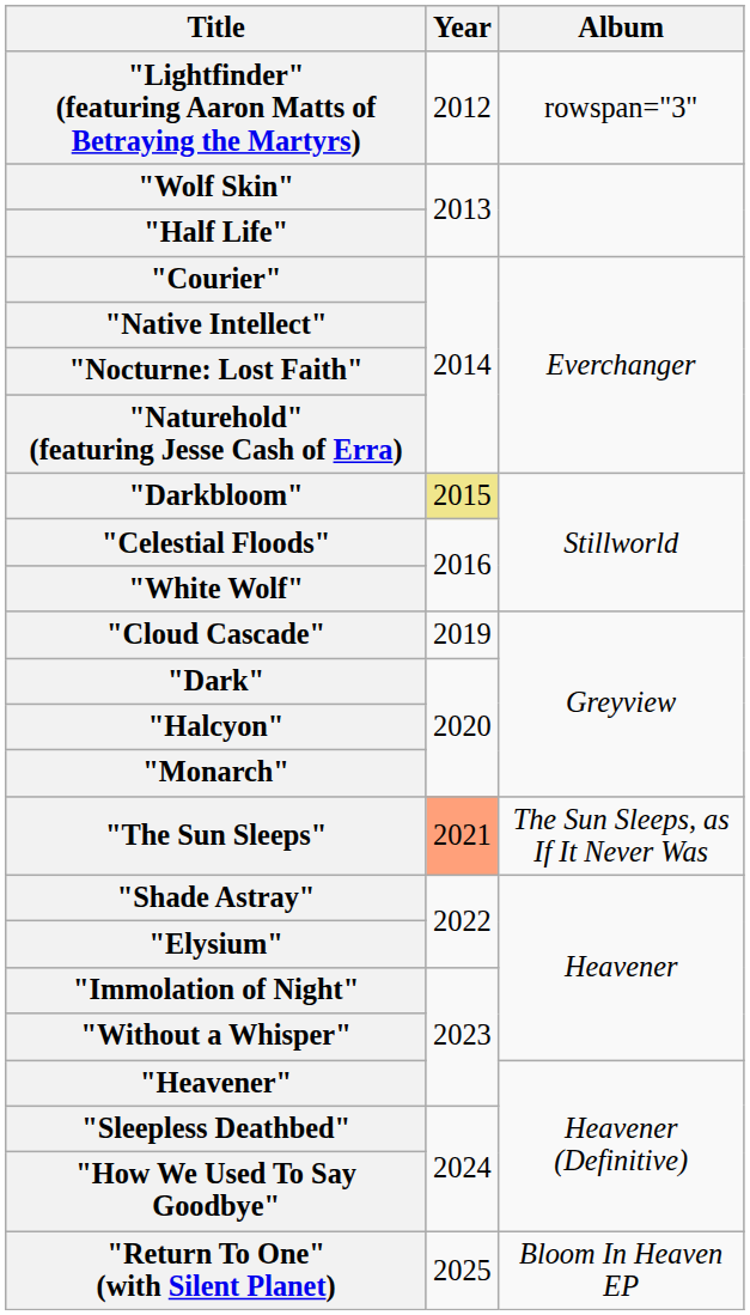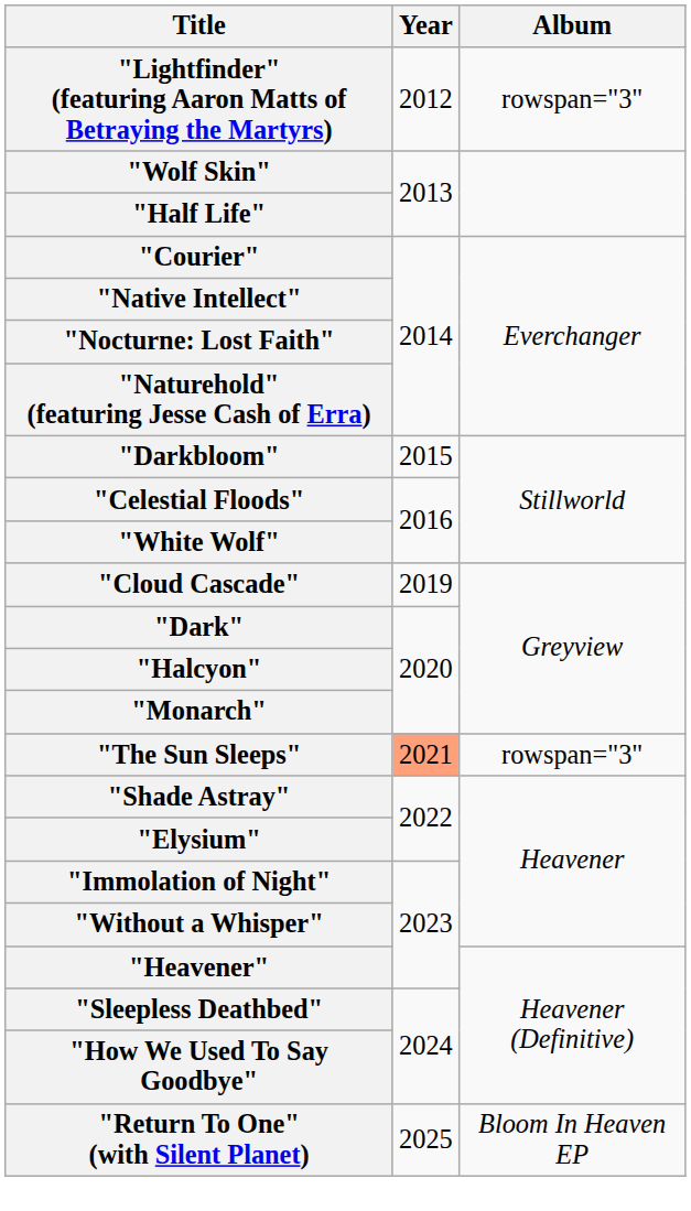 <table class="wikitable plainrowheaders" style="text-align:center;">
 <tr>
 <th scope="col" style="width:14em;">Title</th>
 <th scope="col" style="width:1em;">Year</th>
 <th scope="col" style="width:8em;">Album</th>
 </tr>
 <tr>
 <th scope="row">"Lightfinder"<br><span>(featuring Aaron Matts of <a href='#'>Betraying the Martyrs</a>)</span></th>
 <td>2012</td>
 <td>rowspan="3" </td>
 </tr>
 <tr>
 <th scope="row">"Wolf Skin"</th>
 <td rowspan="2">2013</td>
 </tr>
 <tr>
 <th scope="row">"Half Life"</th>
 </tr>
 <tr>
 <th scope="row">"Courier"</th>
 <td rowspan="4">2014</td>
 <td rowspan="4"><em>Everchanger</em></td>
 </tr>
 <tr>
 <th scope="row">"Native Intellect"</th>
 </tr>
 <tr>
 <th scope="row">"Nocturne: Lost Faith"</th>
 </tr>
 <tr>
 <th scope="row">"Naturehold"<br><span>(featuring Jesse Cash of <a href='#'>Erra</a>)</span></th>
 </tr>
 <tr>
 <th scope="row">"Darkbloom"</th>
-<td style="background: khaki;">2015</td>
+<td>2015</td>
 <td rowspan="3"><em>Stillworld</em></td>
 </tr>
 <tr>
 <th scope="row">"Celestial Floods"</th>
 <td rowspan="2">2016</td>
 </tr>
 <tr>
 <th scope="row">"White Wolf"</th>
 </tr>
 <tr>
 <th scope="row">"Cloud Cascade"</th>
 <td>2019</td>
 <td rowspan="4"><em>Greyview</em></td>
 </tr>
 <tr>
 <th scope="row">"Dark"</th>
 <td rowspan="3">2020</td>
 </tr>
 <tr>
 <th scope="row">"Halcyon"</th>
 </tr>
 <tr>
 <th scope="row">"Monarch"</th>
 </tr>
 <tr>
 <th scope="row">"The Sun Sleeps"</th>
 <td style="background: lightsalmon;">2021</td>
-<td><em>The Sun Sleeps, as If It Never Was</em></td>
+<td>rowspan="3" </td>
 </tr>
 <tr>
 <th scope="row">"Shade Astray"</th>
 <td rowspan="2">2022</td>
 <td rowspan="4"><em>Heavener</em></td>
 </tr>
 <tr>
 <th scope="row">"Elysium"</th>
 </tr>
 <tr>
 <th scope="row">"Immolation of Night"</th>
 <td rowspan="3">2023</td>
 </tr>
 <tr>
 <th scope="row">"Without a Whisper"</th>
 </tr>
 <tr>
 <th scope="row">"Heavener"</th>
 <td rowspan="3"><em>Heavener (Definitive)</em></td>
 </tr>
 <tr>
 <th scope="row">"Sleepless Deathbed"</th>
 <td rowspan="2">2024</td>
 </tr>
 <tr>
 <th scope="row">"How We Used To Say Goodbye"</th>
 </tr>
 <tr>
 <th scope="row">"Return To One"<br><span>(with <a href='#'>Silent Planet</a>)</span></th>
 <td rowspan="2">2025</td>
 <td rowspan="3"><em>Bloom In Heaven EP</em></td>
 </tr>
 </table>
